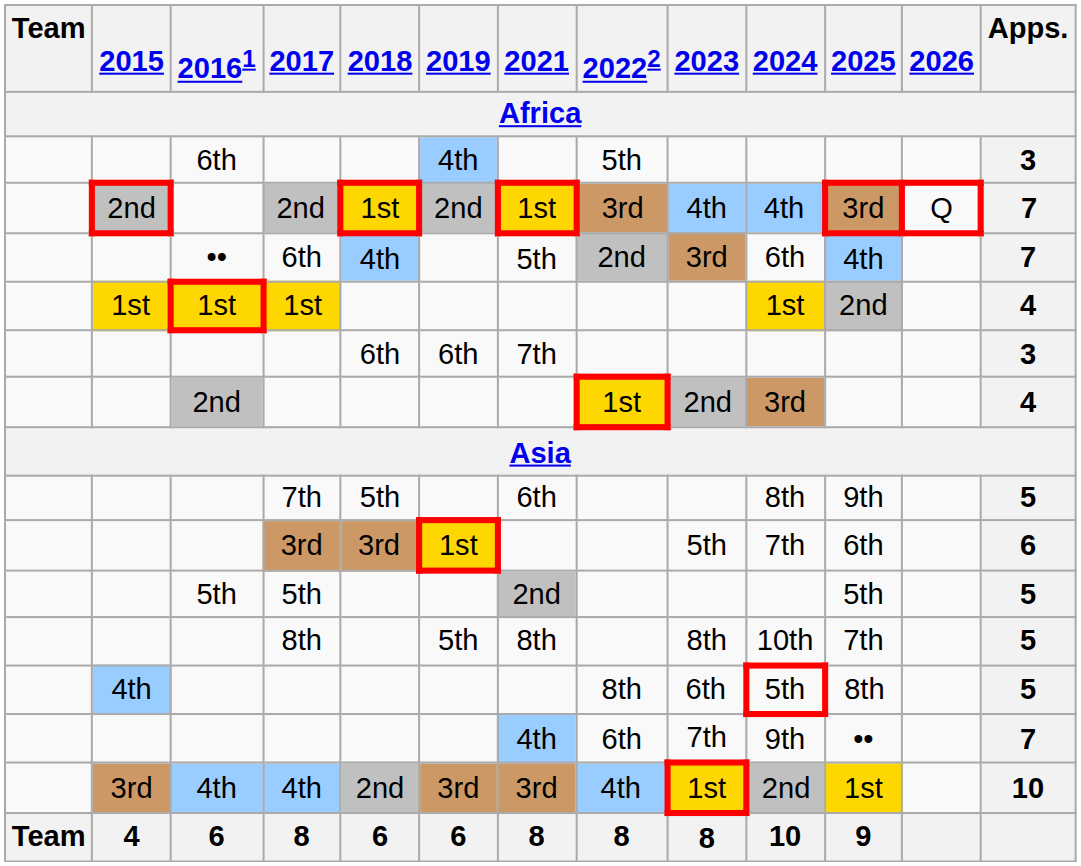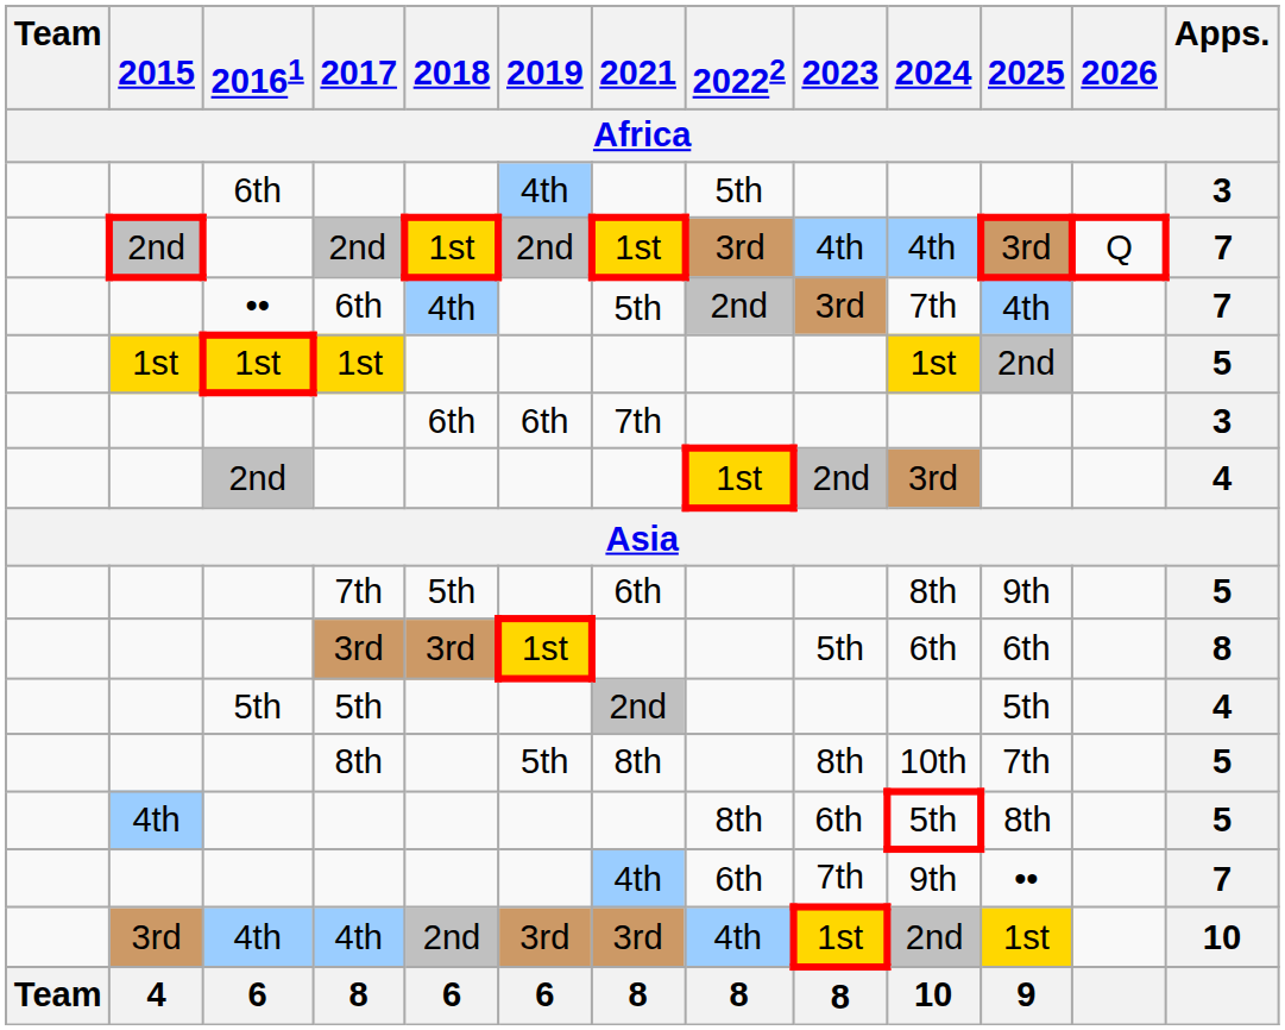 <table class="wikitable" style="text-align:center; font-size:90%">
 <tr valign="top">
 <th>Team</th>
 <th><br><a href='#'>2015</a></th>
 <th><br><a href='#'>2016</a><sup><a href='#'>1</a></sup></th>
 <th><br><a href='#'>2017</a></th>
 <th><br><a href='#'>2018</a></th>
 <th><br><a href='#'>2019</a></th>
 <th><br><a href='#'>2021</a></th>
 <th><br><a href='#'>2022</a><sup><a href='#'>2</a></sup></th>
 <th><br><a href='#'>2023</a></th>
 <th><br><a href='#'>2024</a></th>
 <th><br><a href='#'>2025</a></th>
 <th><br><a href='#'>2026</a></th>
 <th>Apps.</th>
 </tr>
 <tr>
 <th colspan=13><a href='#'>Africa</a></th>
 </tr>
 <tr>
 <td align="left"></td>
 <td></td>
 <td>6th</td>
 <td></td>
 <td></td>
 <td bgcolor=9acdff>4th</td>
 <td></td>
 <td>5th</td>
 <td></td>
 <td></td>
 <td></td>
 <td></td>
 <th>3</th>
 </tr>
 <tr>
 <td align="left"></td>
 <td style="border:3px solid red" bgcolor=Silver>2nd</td>
 <td></td>
 <td bgcolor=Silver>2nd</td>
 <td style="border:3px solid red" bgcolor=Gold>1st</td>
 <td bgcolor=Silver>2nd</td>
 <td style="border:3px solid red" bgcolor=Gold>1st</td>
 <td bgcolor=cc9966>3rd</td>
 <td bgcolor=9acdff>4th</td>
 <td bgcolor=9acdff>4th</td>
 <td style="border:3px solid red" bgcolor=cc9966>3rd</td>
 <td style="border:3px solid red">Q</td>
 <th>7</th>
 </tr>
 <tr>
 <td align="left"></td>
 <td></td>
 <td>••</td>
 <td>6th</td>
 <td bgcolor=9acdff>4th</td>
 <td></td>
 <td>5th</td>
 <td bgcolor=Silver>2nd</td>
 <td bgcolor=cc9966>3rd</td>
-<td>6th</td>
+<td>7th</td>
 <td bgcolor=9acdff>4th</td>
 <td></td>
 <th>7</th>
 </tr>
 <tr>
 <td align="left"></td>
 <td bgcolor=Gold>1st</td>
 <td style="border:3px solid red" bgcolor=Gold>1st</td>
 <td bgcolor=Gold>1st</td>
 <td></td>
 <td></td>
 <td></td>
 <td></td>
 <td></td>
 <td bgcolor=Gold>1st</td>
 <td bgcolor=Silver>2nd</td>
 <td></td>
-<th>4</th>
+<th>5</th>
 </tr>
 <tr>
 <td align="left"></td>
 <td></td>
 <td></td>
 <td></td>
 <td>6th</td>
 <td>6th</td>
 <td>7th</td>
 <td></td>
 <td></td>
 <td></td>
 <td></td>
 <td></td>
 <th>3</th>
 </tr>
 <tr>
 <td align="left"></td>
 <td></td>
 <td bgcolor=Silver>2nd</td>
 <td></td>
 <td></td>
 <td></td>
 <td></td>
 <td style="border:3px solid red" bgcolor=Gold>1st</td>
 <td bgcolor=Silver>2nd</td>
 <td bgcolor=#cc9966>3rd</td>
 <td></td>
 <td></td>
 <th>4</th>
 </tr>
 <tr>
 <th colspan=13><a href='#'>Asia</a></th>
 </tr>
 <tr>
 <td align="left"></td>
 <td></td>
 <td></td>
 <td>7th</td>
 <td>5th</td>
 <td></td>
 <td>6th</td>
 <td></td>
 <td></td>
 <td>8th</td>
 <td>9th</td>
 <td></td>
 <th>5</th>
 </tr>
 <tr>
 <td align="left"></td>
 <td></td>
 <td></td>
 <td bgcolor=#cc9966>3rd</td>
 <td bgcolor=#cc9966>3rd</td>
 <td style="border:3px solid red" bgcolor=Gold>1st</td>
 <td></td>
 <td></td>
 <td>5th</td>
-<td>7th</td>
+<td>6th</td>
 <td>6th</td>
 <td></td>
-<th>6</th>
+<th>8</th>
 </tr>
 <tr>
 <td align="left"></td>
 <td></td>
 <td>5th</td>
 <td>5th</td>
 <td></td>
 <td></td>
 <td bgcolor=Silver>2nd</td>
 <td></td>
 <td></td>
 <td></td>
 <td>5th</td>
 <td></td>
-<th>5</th>
+<th>4</th>
 </tr>
 <tr>
 <td align="left"></td>
 <td></td>
 <td></td>
 <td>8th</td>
 <td></td>
 <td>5th</td>
 <td>8th</td>
 <td></td>
 <td>8th</td>
 <td>10th</td>
 <td>7th</td>
 <td></td>
 <th>5</th>
 </tr>
 <tr>
 <td align="left"></td>
 <td bgcolor=#9acdff>4th</td>
 <td></td>
 <td></td>
 <td></td>
 <td></td>
 <td></td>
 <td>8th</td>
 <td>6th</td>
 <td style="border:3px solid red">5th</td>
 <td>8th</td>
 <td></td>
 <th>5</th>
 </tr>
 <tr>
 <td align="left"></td>
 <td></td>
 <td></td>
 <td></td>
 <td></td>
 <td></td>
 <td bgcolor=#9acdff>4th</td>
 <td>6th</td>
 <td>7th</td>
 <td>9th</td>
 <td>••</td>
 <td></td>
 <th>7</th>
 </tr>
 <tr>
 <td align="left"></td>
 <td bgcolor=#cc9966>3rd</td>
 <td bgcolor=#9acdff>4th</td>
 <td bgcolor=#9acdff>4th</td>
 <td bgcolor=Silver>2nd</td>
 <td bgcolor=#cc9966>3rd</td>
 <td bgcolor=#cc9966>3rd</td>
 <td bgcolor=#9acdff>4th</td>
 <td style="border:3px solid red" bgcolor=Gold>1st</td>
 <td bgcolor=Silver>2nd</td>
 <td bgcolor=Gold>1st</td>
 <td></td>
 <th>10</th>
 </tr>
 <tr valign="top">
 <th>Team</th>
 <th>4</th>
 <th>6</th>
 <th>8</th>
 <th>6</th>
 <th>6</th>
 <th>8</th>
 <th>8</th>
 <th>8</th>
 <th>10</th>
 <th>9</th>
 <th></th>
 <th></th>
 </tr>
 </table>
